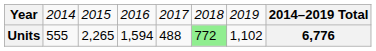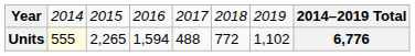 <table class="wikitable">
 <tr>
 <th>Year</th>
 <td><em>2014</em></td>
 <td><em>2015</em></td>
 <td><em>2016</em></td>
 <td><em>2017</em></td>
 <td><em>2018</em></td>
 <td><em>2019</em></td>
 <th>2014–2019 Total</th>
 </tr>
 <tr>
 <th>Units</th>
-<td>555</td>
+<td style="background: lightyellow;">555</td>
 <td>2,265</td>
 <td>1,594</td>
 <td>488</td>
-<td style="background: lightgreen;">772</td>
+<td>772</td>
 <td>1,102</td>
 <th>6,776</th>
 </tr>
 </table>
